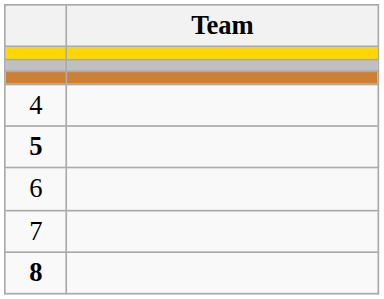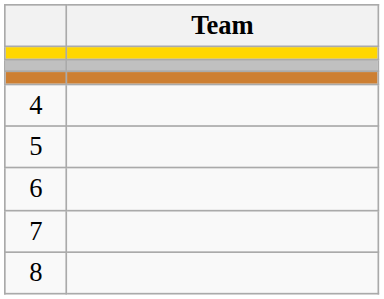 <table class="wikitable" style="text-align:center;">
 <tr>
 <th width=30></th>
 <th width=180>Team</th>
 </tr>
 <tr style="background:#ffd700;">
 <td></td>
 <td style="text-align:left;"></td>
 </tr>
 <tr style="background:#c0c0c0;">
 <td></td>
 <td style="text-align:left;"></td>
 </tr>
 <tr style="background:#cd7f32;">
 <td></td>
 <td style="text-align:left;"></td>
 </tr>
 <tr>
 <td>4</td>
 <td style="text-align:left;"></td>
 </tr>
 <tr>
-<td><strong>5</strong></td>
+<td>5</td>
 <td style="text-align:left;"></td>
 </tr>
 <tr>
 <td>6</td>
 <td style="text-align:left;"></td>
 </tr>
 <tr>
 <td>7</td>
 <td style="text-align:left;"></td>
 </tr>
 <tr>
-<td><strong>8</strong></td>
+<td>8</td>
 <td style="text-align:left;"></td>
 </tr>
 </table>
